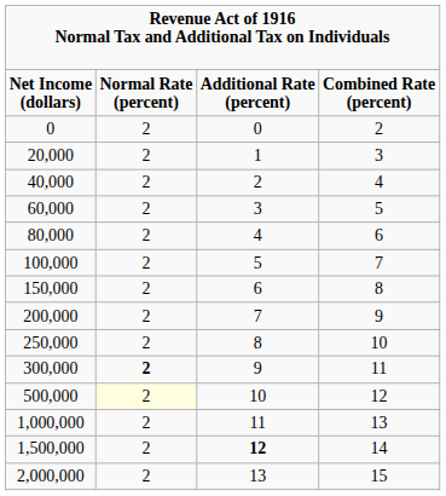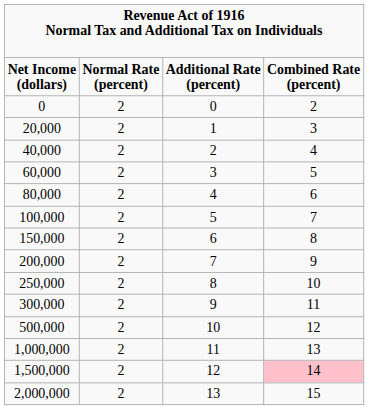 <table class="wikitable" style="text-align: center;">
 <tr>
 <td colspan="4"><strong>Revenue Act of 1916<br>Normal Tax and Additional Tax on Individuals</strong><br><br> </td>
 </tr>
 <tr>
 <td><strong>Net Income<br>(dollars)</strong></td>
 <td><strong>Normal Rate<br>(percent)</strong></td>
 <td><strong>Additional Rate<br>(percent)</strong></td>
 <td><strong>Combined Rate<br>(percent)</strong></td>
 </tr>
 <tr>
 <td>0</td>
 <td>2</td>
 <td>0</td>
 <td>2</td>
 </tr>
 <tr>
 <td>20,000</td>
 <td>2</td>
 <td>1</td>
 <td>3</td>
 </tr>
 <tr>
 <td>40,000</td>
 <td>2</td>
 <td>2</td>
 <td>4</td>
 </tr>
 <tr>
 <td>60,000</td>
 <td>2</td>
 <td>3</td>
 <td>5</td>
 </tr>
 <tr>
 <td>80,000</td>
 <td>2</td>
 <td>4</td>
 <td>6</td>
 </tr>
 <tr>
 <td>100,000</td>
 <td>2</td>
 <td>5</td>
 <td>7</td>
 </tr>
 <tr>
 <td>150,000</td>
 <td>2</td>
 <td>6</td>
 <td>8</td>
 </tr>
 <tr>
 <td>200,000</td>
 <td>2</td>
 <td>7</td>
 <td>9</td>
 </tr>
 <tr>
 <td>250,000</td>
 <td>2</td>
 <td>8</td>
 <td>10</td>
 </tr>
 <tr>
 <td>300,000</td>
-<td><strong>2</strong></td>
+<td>2</td>
 <td>9</td>
 <td>11</td>
 </tr>
 <tr>
 <td>500,000</td>
-<td style="background: lightyellow;">2</td>
+<td>2</td>
 <td>10</td>
 <td>12</td>
 </tr>
 <tr>
 <td>1,000,000</td>
 <td>2</td>
 <td>11</td>
 <td>13</td>
 </tr>
 <tr>
 <td>1,500,000</td>
 <td>2</td>
-<td><strong>12</strong></td>
-<td>14</td>
+<td>12</td>
+<td style="background: pink;">14</td>
 </tr>
 <tr>
 <td>2,000,000</td>
 <td>2</td>
 <td>13</td>
 <td>15</td>
 </tr>
 </table>
